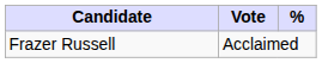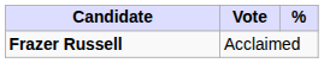 <table class="wikitable">
 <tr>
 <th style="background:#ddf; width:200px;">Candidate</th>
 <th style="background:#ddf; width:50px;">Vote</th>
 <th style="background:#ddf; width:30px;">%</th>
 </tr>
 <tr>
-<td>Frazer Russell</td>
+<td><strong>Frazer Russell</strong></td>
 <td colspan="2">Acclaimed</td>
 </tr>
 </table>
